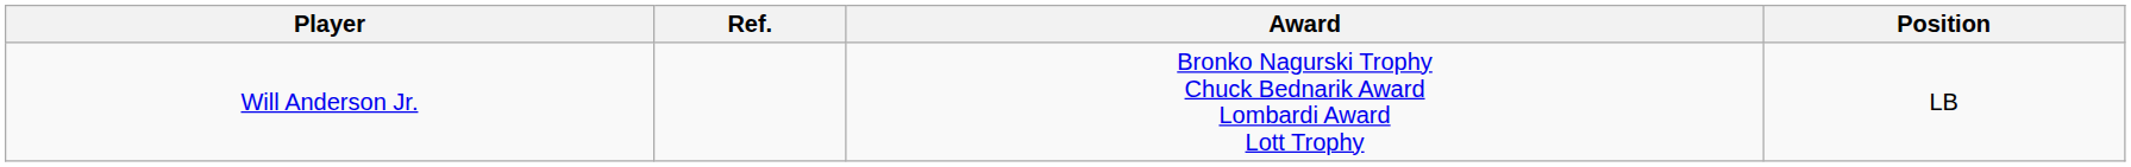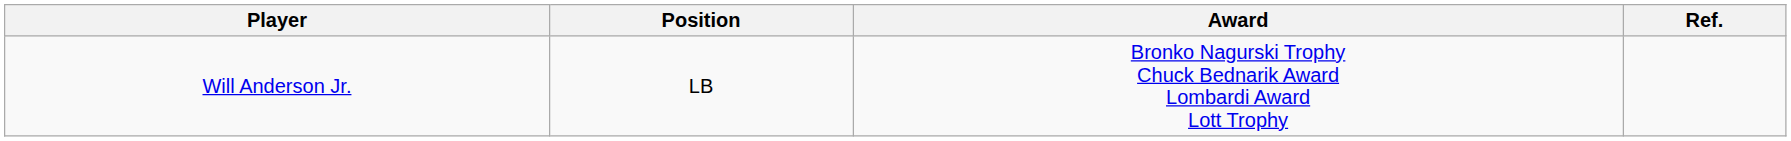 <table class="wikitable" style="width: 90%;text-align: center">
 <tr>
 <th>Player</th>
+<th>Position</th>
+<th>Award</th>
 <th>Ref.</th>
-<th>Award</th>
-<th>Position</th>
 </tr>
 <tr style="text-align:center">
 <td><a href='#'>Will Anderson Jr.</a></td>
+<td>LB</td>
+<td><a href='#'>Bronko Nagurski Trophy</a> <br> <a href='#'>Chuck Bednarik Award</a> <br> <a href='#'>Lombardi Award</a> <br> <a href='#'>Lott Trophy</a></td>
 <td><br><br><br></td>
-<td><a href='#'>Bronko Nagurski Trophy</a> <br> <a href='#'>Chuck Bednarik Award</a> <br> <a href='#'>Lombardi Award</a> <br> <a href='#'>Lott Trophy</a></td>
-<td>LB</td>
 </tr>
 </table>
